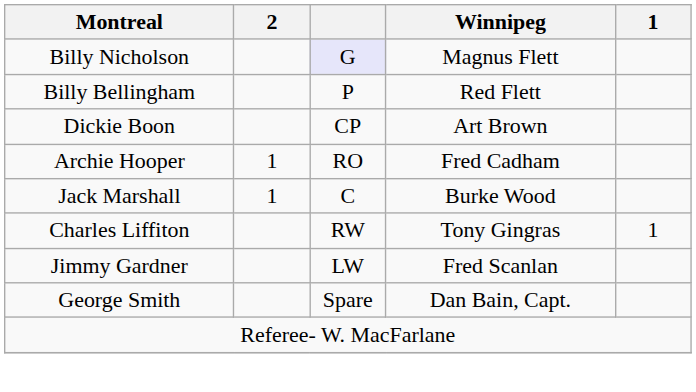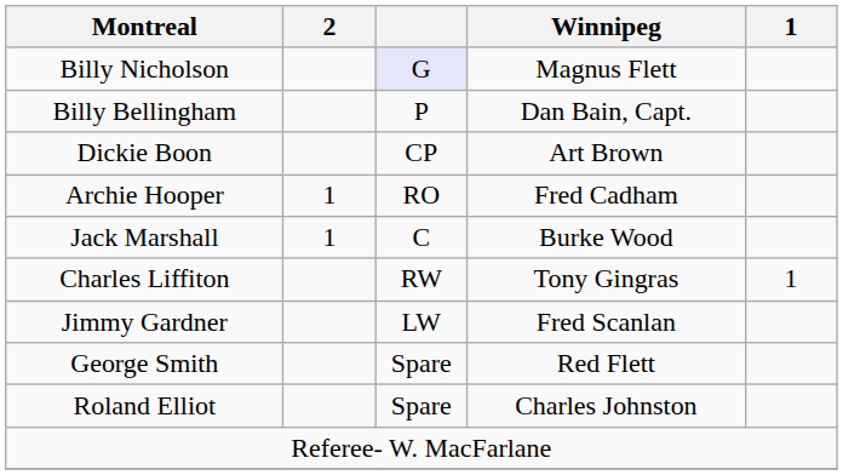 <table class="wikitable" style="text-align:center;">
 <tr>
 <th style="width:10em">Montreal</th>
 <th style="width:3em">2</th>
 <th style="width:3em"></th>
 <th style="width:10em">Winnipeg</th>
 <th style="width:3em">1</th>
 </tr>
 <tr>
 <td>Billy Nicholson</td>
 <td></td>
 <td style="background: lavender;">G</td>
 <td>Magnus Flett</td>
 <td></td>
 </tr>
 <tr>
 <td>Billy Bellingham</td>
 <td></td>
 <td>P</td>
-<td>Red Flett</td>
+<td>Dan Bain, Capt.</td>
 <td></td>
 </tr>
 <tr>
 <td>Dickie Boon</td>
 <td></td>
 <td>CP</td>
 <td>Art Brown</td>
 <td></td>
 </tr>
 <tr>
 <td>Archie Hooper</td>
 <td>1</td>
 <td>RO</td>
 <td>Fred Cadham</td>
 <td></td>
 </tr>
 <tr>
 <td>Jack Marshall</td>
 <td>1</td>
 <td>C</td>
 <td>Burke Wood</td>
 <td></td>
 </tr>
 <tr>
 <td>Charles Liffiton</td>
 <td></td>
 <td>RW</td>
 <td>Tony Gingras</td>
 <td>1</td>
 </tr>
 <tr>
 <td>Jimmy Gardner</td>
 <td></td>
 <td>LW</td>
 <td>Fred Scanlan</td>
 <td></td>
 </tr>
 <tr>
 <td>George Smith</td>
 <td></td>
 <td>Spare</td>
-<td>Dan Bain, Capt.</td>
+<td>Red Flett</td>
+<td></td>
+</tr>
+<tr>
+<td>Roland Elliot</td>
+<td></td>
+<td>Spare</td>
+<td>Charles Johnston</td>
 <td></td>
 </tr>
 <tr>
 <td colspan="5">Referee- W. MacFarlane</td>
 </tr>
 <tr>
 </tr>
 </table>
